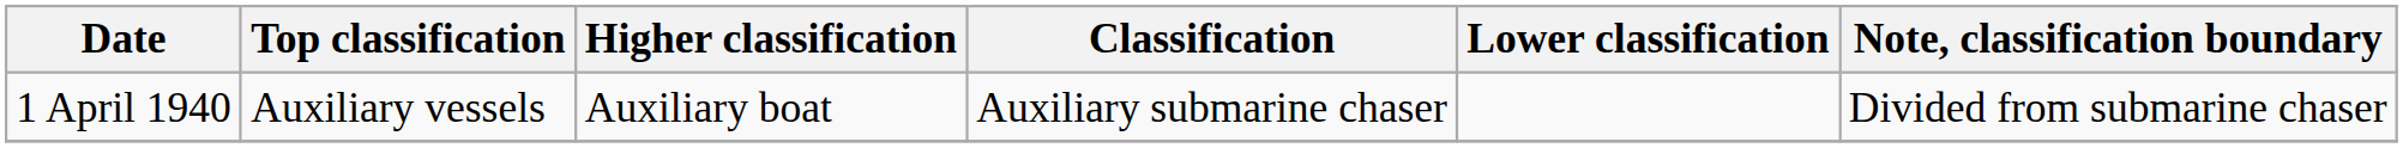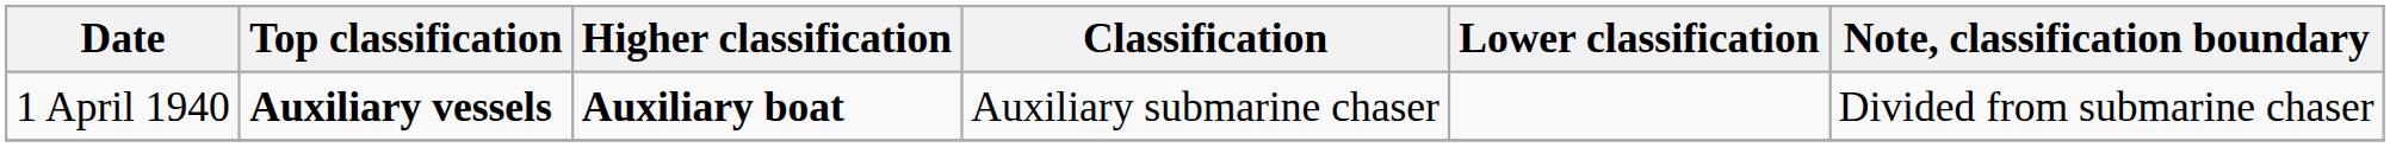 <table class="wikitable">
 <tr>
 <th>Date</th>
 <th>Top classification</th>
 <th>Higher classification</th>
 <th>Classification</th>
 <th>Lower classification</th>
 <th>Note, classification boundary</th>
 </tr>
 <tr>
 <td>1 April 1940</td>
-<td>Auxiliary vessels</td>
-<td>Auxiliary boat</td>
+<td><strong>Auxiliary vessels</strong></td>
+<td><strong>Auxiliary boat</strong></td>
 <td>Auxiliary submarine chaser</td>
 <td></td>
 <td>Divided from submarine chaser</td>
 </tr>
 <tr>
 </tr>
 </table>
